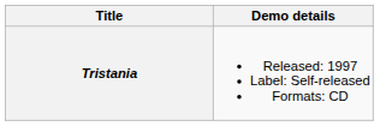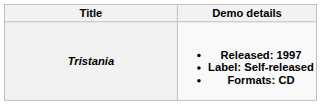 <table class="wikitable plainrowheaders" style="text-align:center;">
 <tr>
 <th scope="col" style="width:15em;">Title</th>
 <th scope="col">Demo details</th>
 </tr>
 <tr>
 <th scope="row"><em>Tristania</em></th>
-<td><br><ul><li>Released: 1997</li><li>Label: Self-released</li><li>Formats: CD</li></ul></td>
+<td><strong><br><ul><li>Released: 1997</li><li>Label: Self-released</li><li>Formats: CD</li></ul></strong></td>
 </tr>
 </table>
